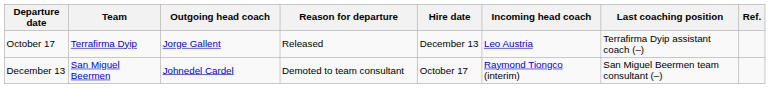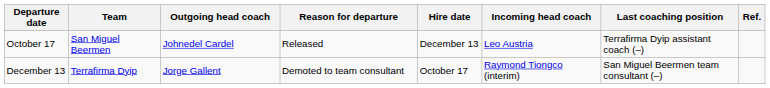 <table class="wikitable sortable">
 <tr>
 <th style="width:7%;">Departure date</th>
 <th style="width:10%;">Team</th>
 <th style="width:13%;">Outgoing head coach</th>
 <th style="width:15%;">Reason for departure</th>
 <th style="width:7%;">Hire date</th>
 <th style="width:13%;">Incoming head coach</th>
 <th class="unsortable" style="width:15%;">Last coaching position</th>
 <th class="unsortable" style="width:2%;">Ref.</th>
 </tr>
 <tr>
 <td>October 17</td>
-<td><a href='#'>Terrafirma Dyip</a></td>
-<td><a href='#'>Jorge Gallent</a></td>
+<td><a href='#'>San Miguel Beermen</a></td>
+<td><a href='#'>Johnedel Cardel</a></td>
 <td>Released</td>
 <td>December 13</td>
 <td><a href='#'>Leo Austria</a></td>
 <td>Terrafirma Dyip assistant coach (–)</td>
 <td></td>
 </tr>
 <tr>
 <td>December 13</td>
-<td><a href='#'>San Miguel Beermen</a></td>
-<td><a href='#'>Johnedel Cardel</a></td>
+<td><a href='#'>Terrafirma Dyip</a></td>
+<td><a href='#'>Jorge Gallent</a></td>
 <td>Demoted to team consultant</td>
 <td>October 17</td>
 <td><a href='#'>Raymond Tiongco</a> (interim)</td>
 <td>San Miguel Beermen team consultant (–)</td>
 <td></td>
 </tr>
 </table>
